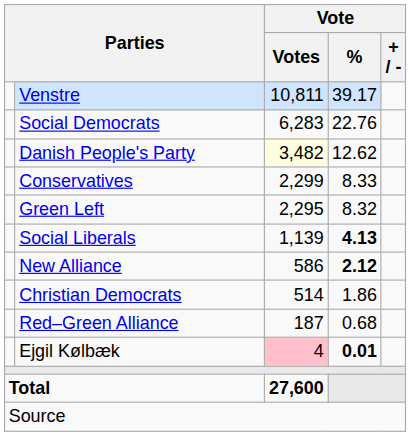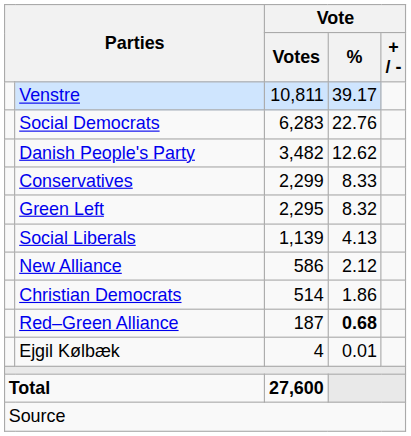 <table class="wikitable" style="text-align:right;">
 <tr>
 <th style="text-align:centre;" rowspan="2" colspan="2" width="225">Parties</th>
 <th colspan="3">Vote</th>
 </tr>
 <tr>
 <th width="15">Votes</th>
 <th width="15">%</th>
 <th width="15">+ / -</th>
 </tr>
 <tr>
 <td width="2" style="color:inherit;background:"></td>
 <td bgcolor=#cfe5fe  align="left"><a href='#'>Venstre</a></td>
 <td bgcolor=#cfe5fe>10,811</td>
 <td bgcolor=#cfe5fe>39.17</td>
 <td></td>
 </tr>
 <tr>
 <td width="2" style="color:inherit;background:"></td>
 <td align="left"><a href='#'>Social Democrats</a></td>
 <td>6,283</td>
 <td>22.76</td>
 <td></td>
 </tr>
 <tr>
 <td width="2" style="color:inherit;background:"></td>
 <td align="left"><a href='#'>Danish People's Party</a></td>
-<td style="background: lightyellow;">3,482</td>
+<td>3,482</td>
 <td>12.62</td>
 <td></td>
 </tr>
 <tr>
 <td width="2" style="color:inherit;background:"></td>
 <td align="left"><a href='#'>Conservatives</a></td>
 <td>2,299</td>
 <td>8.33</td>
 <td></td>
 </tr>
 <tr>
 <td width="2" style="color:inherit;background:"></td>
 <td align="left"><a href='#'>Green Left</a></td>
 <td>2,295</td>
 <td>8.32</td>
 <td></td>
 </tr>
 <tr>
 <td width="2" style="color:inherit;background:"></td>
 <td align="left"><a href='#'>Social Liberals</a></td>
 <td>1,139</td>
-<td><strong>4.13</strong></td>
+<td>4.13</td>
 <td></td>
 </tr>
 <tr>
 <td width="2" style="color:inherit;background:"></td>
 <td align="left"><a href='#'>New Alliance</a></td>
 <td>586</td>
-<td><strong>2.12</strong></td>
+<td>2.12</td>
 <td></td>
 </tr>
 <tr>
 <td width="2" style="color:inherit;background:"></td>
 <td align="left"><a href='#'>Christian Democrats</a></td>
 <td>514</td>
 <td>1.86</td>
 <td></td>
 </tr>
 <tr>
 <td width="2" style="color:inherit;background:"></td>
 <td align="left"><a href='#'>Red–Green Alliance</a></td>
 <td>187</td>
-<td>0.68</td>
+<td><strong>0.68</strong></td>
 <td></td>
 </tr>
 <tr>
 <td width="2" style="color:inherit;background:"></td>
 <td align="left">Ejgil Kølbæk</td>
-<td style="background: pink;">4</td>
-<td><strong>0.01</strong></td>
+<td>4</td>
+<td>0.01</td>
 <td></td>
 </tr>
 <tr>
 <td colspan="7" bgcolor="#E9E9E9"></td>
 </tr>
 <tr>
 <td align="left" colspan="2"><strong>Total</strong></td>
 <td><strong>27,600</strong></td>
 <td bgcolor="#E9E9E9" colspan="2"></td>
 </tr>
 <tr>
 <td align="left" colspan="6">Source</td>
 </tr>
 </table>
